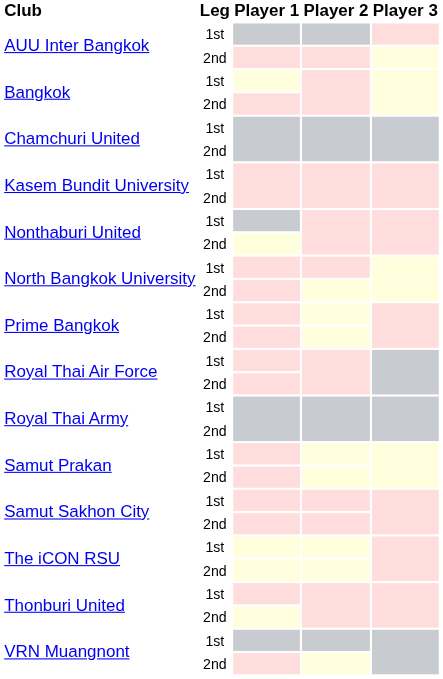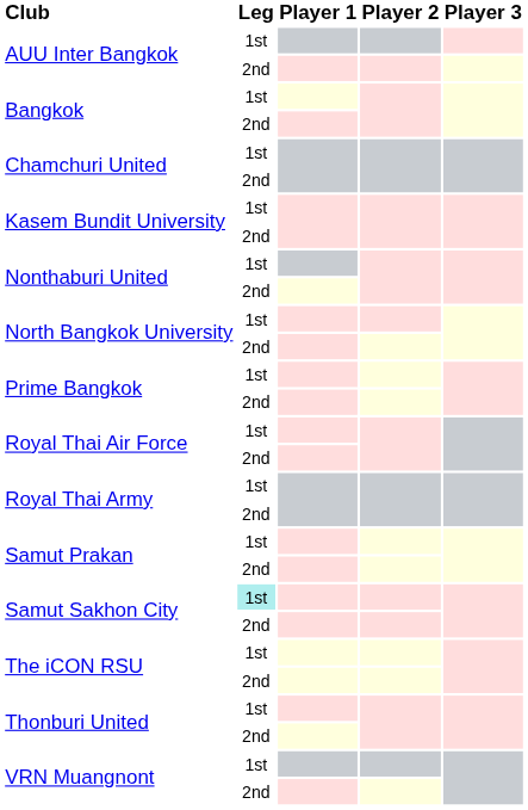 <table class="sortable" style="text-align:left">
 <tr>
 <th>Club</th>
 <th>Leg</th>
 <th>Player 1</th>
 <th>Player 2</th>
 <th>Player 3</th>
 </tr>
 <tr>
 <td rowspan="2"><a href='#'>AUU Inter Bangkok</a></td>
 <td align="center"><small>1st</small></td>
 <td bgcolor="#c8ccd1"></td>
 <td bgcolor="#c8ccd1"></td>
 <td bgcolor="#ffdddd"></td>
 </tr>
 <tr>
 <td align="center"><small>2nd</small></td>
 <td bgcolor="#ffdddd"></td>
 <td bgcolor="#ffdddd"></td>
 <td bgcolor="#ffffdd"></td>
 </tr>
 <tr>
 <td rowspan="2"><a href='#'>Bangkok</a></td>
 <td align="center"><small>1st</small></td>
 <td bgcolor="#ffffdd"></td>
 <td bgcolor="#ffdddd"rowspan="2"></td>
 <td bgcolor="#ffffdd"rowspan="2"></td>
 </tr>
 <tr>
 <td align="center"><small>2nd</small></td>
 <td bgcolor="#ffdddd"></td>
 </tr>
 <tr>
 <td rowspan="2"><a href='#'>Chamchuri United</a></td>
 <td align="center"><small>1st</small></td>
 <td bgcolor="#c8ccd1"rowspan="2"></td>
 <td bgcolor="#c8ccd1"rowspan="2"></td>
 <td bgcolor="#c8ccd1"rowspan="2"></td>
 </tr>
 <tr>
 <td align="center"><small>2nd</small></td>
 </tr>
 <tr>
 <td rowspan="2"><a href='#'>Kasem Bundit University</a></td>
 <td align="center"><small>1st</small></td>
 <td bgcolor="#ffdddd"rowspan="2"></td>
 <td bgcolor="#ffdddd"rowspan="2"></td>
 <td bgcolor="#ffdddd"rowspan="2"></td>
 </tr>
 <tr>
 <td align="center"><small>2nd</small></td>
 </tr>
 <tr>
 <td rowspan="2"><a href='#'>Nonthaburi United</a></td>
 <td align="center"><small>1st</small></td>
 <td bgcolor="#c8ccd1"></td>
 <td bgcolor="#ffdddd"rowspan="2"></td>
 <td bgcolor="#ffdddd"rowspan="2"></td>
 </tr>
 <tr>
 <td align="center"><small>2nd</small></td>
 <td bgcolor="#ffffdd"></td>
 </tr>
 <tr>
 <td rowspan="2"><a href='#'>North Bangkok University</a></td>
 <td align="center"><small>1st</small></td>
 <td bgcolor="#ffdddd"></td>
 <td bgcolor="#ffdddd"></td>
 <td bgcolor="#ffffdd"rowspan="2"></td>
 </tr>
 <tr>
 <td align="center"><small>2nd</small></td>
 <td bgcolor="#ffdddd"></td>
 <td bgcolor="#ffffdd"></td>
 </tr>
 <tr>
 <td rowspan="2"><a href='#'>Prime Bangkok</a></td>
 <td align="center"><small>1st</small></td>
 <td bgcolor="#ffdddd"></td>
 <td bgcolor="#ffffdd"></td>
 <td bgcolor="#ffdddd"rowspan="2"></td>
 </tr>
 <tr>
 <td align="center"><small>2nd</small></td>
 <td bgcolor="#ffdddd"></td>
 <td bgcolor="#ffffdd"></td>
 </tr>
 <tr>
 <td rowspan="2"><a href='#'>Royal Thai Air Force</a></td>
 <td align="center"><small>1st</small></td>
 <td bgcolor="#ffdddd"></td>
 <td bgcolor="#ffdddd"rowspan="2"></td>
 <td bgcolor="#c8ccd1"rowspan="2"></td>
 </tr>
 <tr>
 <td align="center"><small>2nd</small></td>
 <td bgcolor="#ffdddd"></td>
 </tr>
 <tr>
 <td rowspan="2"><a href='#'>Royal Thai Army</a></td>
 <td align="center"><small>1st</small></td>
 <td bgcolor="#c8ccd1"rowspan="2"></td>
 <td bgcolor="#c8ccd1"rowspan="2"></td>
 <td bgcolor="#c8ccd1"rowspan="2"></td>
 </tr>
 <tr>
 <td align="center"><small>2nd</small></td>
 </tr>
 <tr>
 <td rowspan="2"><a href='#'>Samut Prakan</a></td>
 <td align="center"><small>1st</small></td>
 <td bgcolor="#ffdddd"></td>
 <td bgcolor="#ffffdd"></td>
 <td bgcolor="#ffffdd"rowspan="2"></td>
 </tr>
 <tr>
 <td align="center"><small>2nd</small></td>
 <td bgcolor="#ffdddd"></td>
 <td bgcolor="#ffffdd"></td>
 </tr>
 <tr>
 <td rowspan="2"><a href='#'>Samut Sakhon City</a></td>
-<td align="center"><small>1st</small></td>
+<td align="center" style="background: paleturquoise;"><small>1st</small></td>
 <td bgcolor="#ffdddd"></td>
 <td bgcolor="#ffdddd"></td>
 <td bgcolor="#ffdddd"rowspan="2"></td>
 </tr>
 <tr>
 <td align="center"><small>2nd</small></td>
 <td bgcolor="#ffdddd"></td>
 <td bgcolor="#ffdddd"></td>
 </tr>
 <tr>
 <td rowspan="2"><a href='#'>The iCON RSU</a></td>
 <td align="center"><small>1st</small></td>
 <td bgcolor="#ffffdd"></td>
 <td bgcolor="#ffffdd"></td>
 <td bgcolor="#ffdddd"rowspan="2"></td>
 </tr>
 <tr>
 <td align="center"><small>2nd</small></td>
 <td bgcolor="#ffffdd"></td>
 <td bgcolor="#ffffdd"></td>
 </tr>
 <tr>
 <td rowspan="2"><a href='#'>Thonburi United</a></td>
 <td align="center"><small>1st</small></td>
 <td bgcolor="#ffdddd"></td>
 <td bgcolor="#ffdddd"rowspan="2"></td>
 <td bgcolor="#ffdddd"rowspan="2"></td>
 </tr>
 <tr>
 <td align="center"><small>2nd</small></td>
 <td bgcolor="#ffffdd"></td>
 </tr>
 <tr>
 <td rowspan="2"><a href='#'>VRN Muangnont</a></td>
 <td align="center"><small>1st</small></td>
 <td bgcolor="#c8ccd1"></td>
 <td bgcolor="#c8ccd1"></td>
 <td bgcolor="#c8ccd1"rowspan="2"></td>
 </tr>
 <tr>
 <td align="center"><small>2nd</small></td>
 <td bgcolor="#ffdddd"></td>
 <td bgcolor="#ffffdd"></td>
 </tr>
 </table>
